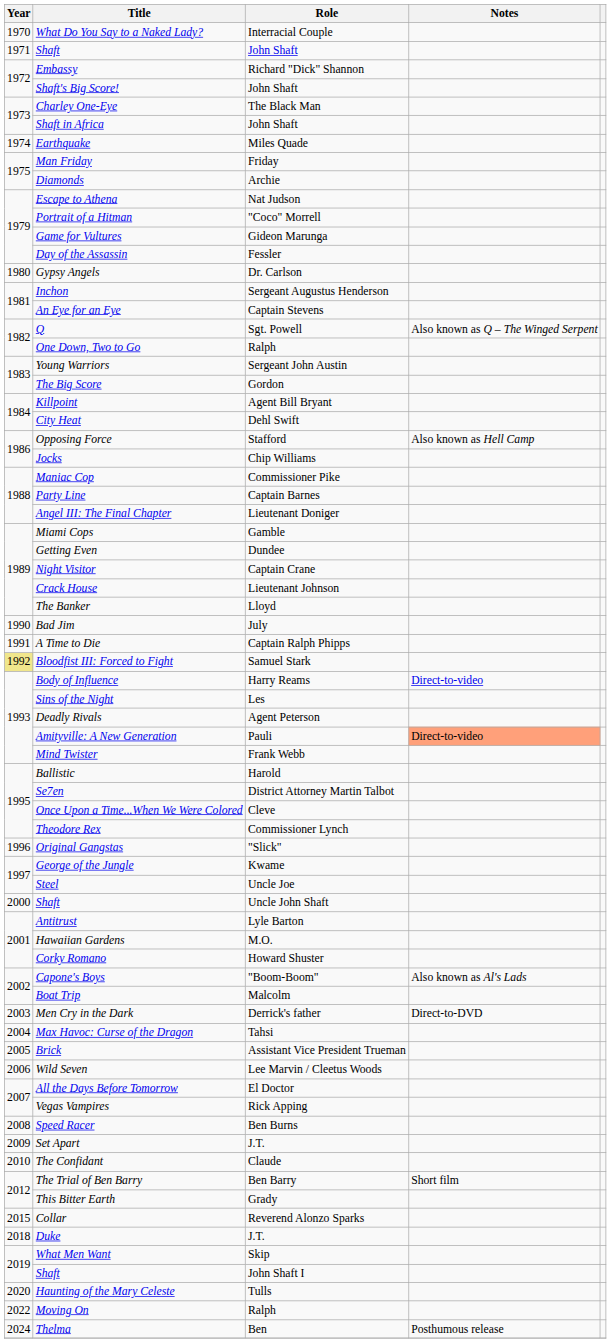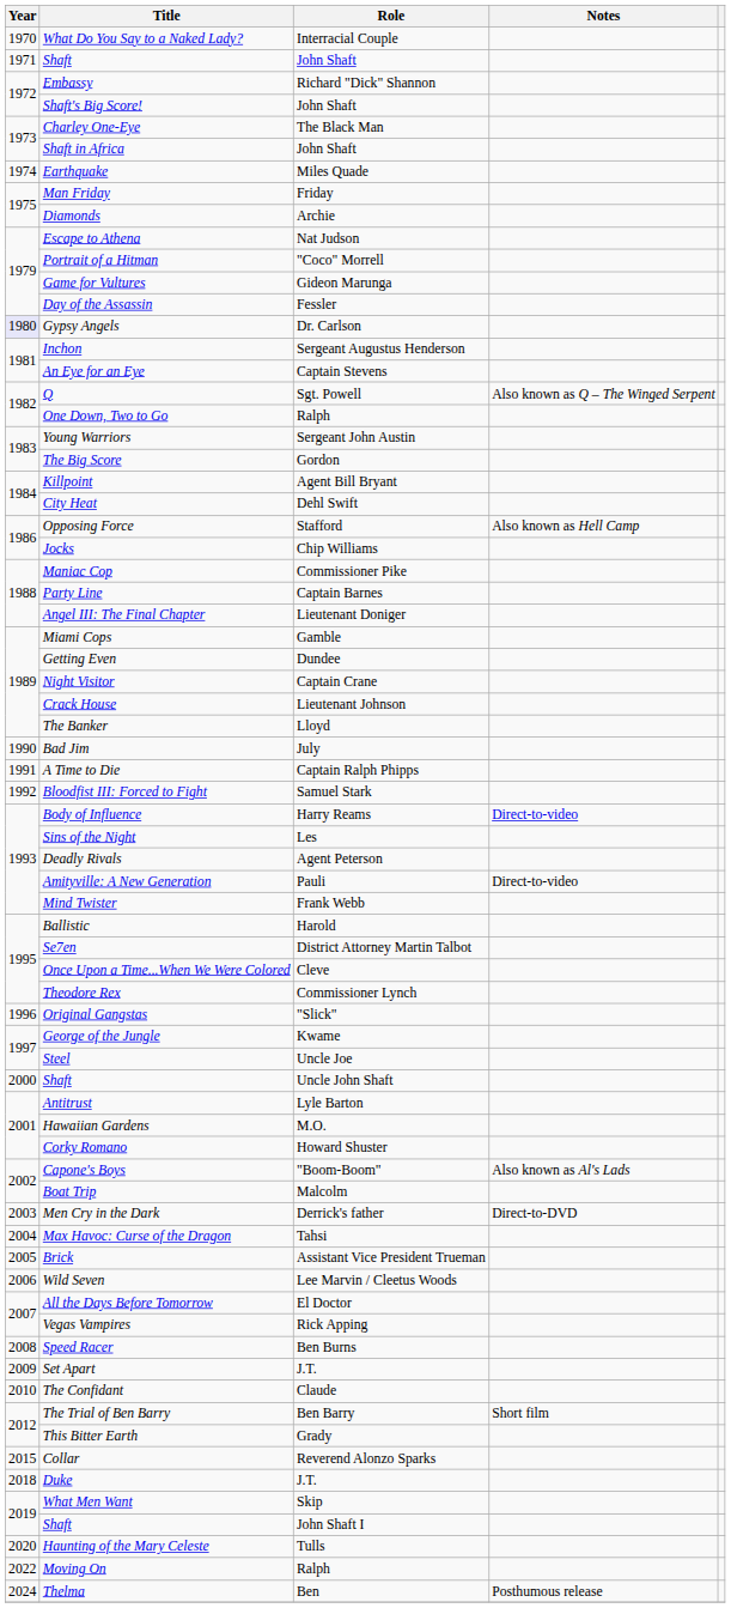 <table class="wikitable sortable">
 <tr>
 <th>Year</th>
 <th>Title</th>
 <th>Role</th>
 <th class=unsortable>Notes</th>
 <th class=unsortable></th>
 </tr>
 <tr>
 <td>1970</td>
 <td><em><a href='#'>What Do You Say to a Naked Lady?</a></em></td>
 <td>Interracial Couple</td>
 <td></td>
 <td></td>
 </tr>
 <tr>
 <td>1971</td>
 <td><em><a href='#'>Shaft</a></em></td>
 <td><a href='#'>John Shaft</a></td>
 <td></td>
 <td></td>
 </tr>
 <tr>
 <td rowspan="2">1972</td>
 <td><em><a href='#'>Embassy</a></em></td>
 <td>Richard "Dick" Shannon</td>
 <td></td>
 <td></td>
 </tr>
 <tr>
 <td><em><a href='#'>Shaft's Big Score!</a></em></td>
 <td>John Shaft</td>
 <td></td>
 <td></td>
 </tr>
 <tr>
 <td rowspan="2">1973</td>
 <td><em><a href='#'>Charley One-Eye</a></em></td>
 <td>The Black Man</td>
 <td></td>
 <td></td>
 </tr>
 <tr>
 <td><em><a href='#'>Shaft in Africa</a></em></td>
 <td>John Shaft</td>
 <td></td>
 <td></td>
 </tr>
 <tr>
 <td>1974</td>
 <td><em><a href='#'>Earthquake</a></em></td>
 <td>Miles Quade</td>
 <td></td>
 <td></td>
 </tr>
 <tr>
 <td rowspan="2">1975</td>
 <td><em><a href='#'>Man Friday</a></em></td>
 <td>Friday</td>
 <td></td>
 <td></td>
 </tr>
 <tr>
 <td><em><a href='#'>Diamonds</a></em></td>
 <td>Archie</td>
 <td></td>
 <td></td>
 </tr>
 <tr>
 <td rowspan="4">1979</td>
 <td><em><a href='#'>Escape to Athena</a></em></td>
 <td>Nat Judson</td>
 <td></td>
 <td></td>
 </tr>
 <tr>
 <td><em><a href='#'>Portrait of a Hitman</a></em></td>
 <td>"Coco" Morrell</td>
 <td></td>
 <td></td>
 </tr>
 <tr>
 <td><em><a href='#'>Game for Vultures</a></em></td>
 <td>Gideon Marunga</td>
 <td></td>
 <td></td>
 </tr>
 <tr>
 <td><em><a href='#'>Day of the Assassin</a></em></td>
 <td>Fessler</td>
 <td></td>
 <td></td>
 </tr>
 <tr>
-<td>1980</td>
+<td style="background: lavender;">1980</td>
 <td><em>Gypsy Angels</em></td>
 <td>Dr. Carlson</td>
 <td></td>
 <td></td>
 </tr>
 <tr>
 <td rowspan="2">1981</td>
 <td><em><a href='#'>Inchon</a></em></td>
 <td>Sergeant Augustus Henderson</td>
 <td></td>
 <td></td>
 </tr>
 <tr>
 <td><em><a href='#'>An Eye for an Eye</a></em></td>
 <td>Captain Stevens</td>
 <td></td>
 <td></td>
 </tr>
 <tr>
 <td rowspan="2">1982</td>
 <td><em><a href='#'>Q</a></em></td>
 <td>Sgt. Powell</td>
 <td>Also known as <em>Q – The Winged Serpent</em></td>
 <td></td>
 </tr>
 <tr>
 <td><em><a href='#'>One Down, Two to Go</a></em></td>
 <td>Ralph</td>
 <td></td>
 <td></td>
 </tr>
 <tr>
 <td rowspan="2">1983</td>
 <td><em>Young Warriors</em></td>
 <td>Sergeant John Austin</td>
 <td></td>
 <td></td>
 </tr>
 <tr>
 <td><em><a href='#'>The Big Score</a></em></td>
 <td>Gordon</td>
 <td></td>
 <td></td>
 </tr>
 <tr>
 <td rowspan="2">1984</td>
 <td><em><a href='#'>Killpoint</a></em></td>
 <td>Agent Bill Bryant</td>
 <td></td>
 <td></td>
 </tr>
 <tr>
 <td><em><a href='#'>City Heat</a></em></td>
 <td>Dehl Swift</td>
 <td></td>
 <td></td>
 </tr>
 <tr>
 <td rowspan="2">1986</td>
 <td><em>Opposing Force</em></td>
 <td>Stafford</td>
 <td>Also known as <em>Hell Camp</em></td>
 <td></td>
 </tr>
 <tr>
 <td><em><a href='#'>Jocks</a></em></td>
 <td>Chip Williams</td>
 <td></td>
 <td></td>
 </tr>
 <tr>
 <td rowspan="3">1988</td>
 <td><em><a href='#'>Maniac Cop</a></em></td>
 <td>Commissioner Pike</td>
 <td></td>
 <td></td>
 </tr>
 <tr>
 <td><em><a href='#'>Party Line</a></em></td>
 <td>Captain Barnes</td>
 <td></td>
 <td></td>
 </tr>
 <tr>
 <td><em><a href='#'>Angel III: The Final Chapter</a></em></td>
 <td>Lieutenant Doniger</td>
 <td></td>
 <td></td>
 </tr>
 <tr>
 <td rowspan="5">1989</td>
 <td><em>Miami Cops</em></td>
 <td>Gamble</td>
 <td></td>
 <td></td>
 </tr>
 <tr>
 <td><em>Getting Even</em></td>
 <td>Dundee</td>
 <td></td>
 <td></td>
 </tr>
 <tr>
 <td><em><a href='#'>Night Visitor</a></em></td>
 <td>Captain Crane</td>
 <td></td>
 <td></td>
 </tr>
 <tr>
 <td><em><a href='#'>Crack House</a></em></td>
 <td>Lieutenant Johnson</td>
 <td></td>
 <td></td>
 </tr>
 <tr>
 <td><em>The Banker</em></td>
 <td>Lloyd</td>
 <td></td>
 <td></td>
 </tr>
 <tr>
 <td>1990</td>
 <td><em>Bad Jim</em></td>
 <td>July</td>
 <td></td>
 <td></td>
 </tr>
 <tr>
 <td>1991</td>
 <td><em>A Time to Die</em></td>
 <td>Captain Ralph Phipps</td>
 <td></td>
 <td></td>
 </tr>
 <tr>
-<td style="background: khaki;">1992</td>
+<td>1992</td>
 <td><em><a href='#'>Bloodfist III: Forced to Fight</a></em></td>
 <td>Samuel Stark</td>
 <td></td>
 <td></td>
 </tr>
 <tr>
 <td rowspan="5">1993</td>
 <td><em><a href='#'>Body of Influence</a></em></td>
 <td>Harry Reams</td>
 <td><a href='#'>Direct-to-video</a></td>
 <td></td>
 </tr>
 <tr>
 <td><em><a href='#'>Sins of the Night</a></em></td>
 <td>Les</td>
 <td></td>
 <td></td>
 </tr>
 <tr>
 <td><em>Deadly Rivals</em></td>
 <td>Agent Peterson</td>
 <td></td>
 <td></td>
 </tr>
 <tr>
 <td><em><a href='#'>Amityville: A New Generation</a></em></td>
 <td>Pauli</td>
-<td style="background: lightsalmon;">Direct-to-video</td>
+<td>Direct-to-video</td>
 <td></td>
 </tr>
 <tr>
 <td><em><a href='#'>Mind Twister</a></em></td>
 <td>Frank Webb</td>
 <td></td>
 <td></td>
 </tr>
 <tr>
 <td rowspan="4">1995</td>
 <td><em>Ballistic</em></td>
 <td>Harold</td>
 <td></td>
 <td></td>
 </tr>
 <tr>
 <td><em><a href='#'>Se7en</a></em></td>
 <td>District Attorney Martin Talbot</td>
 <td></td>
 <td></td>
 </tr>
 <tr>
 <td><em><a href='#'>Once Upon a Time...When We Were Colored</a></em></td>
 <td>Cleve</td>
 <td></td>
 <td></td>
 </tr>
 <tr>
 <td><em><a href='#'>Theodore Rex</a></em></td>
 <td>Commissioner Lynch</td>
 <td></td>
 <td></td>
 </tr>
 <tr>
 <td>1996</td>
 <td><em><a href='#'>Original Gangstas</a></em></td>
 <td>"Slick"</td>
 <td></td>
 <td></td>
 </tr>
 <tr>
 <td rowspan="2">1997</td>
 <td><em><a href='#'>George of the Jungle</a></em></td>
 <td>Kwame</td>
 <td></td>
 <td></td>
 </tr>
 <tr>
 <td><em><a href='#'>Steel</a></em></td>
 <td>Uncle Joe</td>
 <td></td>
 <td></td>
 </tr>
 <tr>
 <td>2000</td>
 <td><em><a href='#'>Shaft</a></em></td>
 <td>Uncle John Shaft</td>
 <td></td>
 <td></td>
 </tr>
 <tr>
 <td rowspan="3">2001</td>
 <td><em><a href='#'>Antitrust</a></em></td>
 <td>Lyle Barton</td>
 <td></td>
 <td></td>
 </tr>
 <tr>
 <td><em>Hawaiian Gardens</em></td>
 <td>M.O.</td>
 <td></td>
 <td></td>
 </tr>
 <tr>
 <td><em><a href='#'>Corky Romano</a></em></td>
 <td>Howard Shuster</td>
 <td></td>
 <td></td>
 </tr>
 <tr>
 <td rowspan="2">2002</td>
 <td><em><a href='#'>Capone's Boys</a></em></td>
 <td>"Boom-Boom"</td>
 <td>Also known as <em>Al's Lads</em></td>
 <td></td>
 </tr>
 <tr>
 <td><em><a href='#'>Boat Trip</a></em></td>
 <td>Malcolm</td>
 <td></td>
 <td></td>
 </tr>
 <tr>
 <td>2003</td>
 <td><em>Men Cry in the Dark</em></td>
 <td>Derrick's father</td>
 <td>Direct-to-DVD</td>
 <td></td>
 </tr>
 <tr>
 <td>2004</td>
 <td><em><a href='#'>Max Havoc: Curse of the Dragon</a></em></td>
 <td>Tahsi</td>
 <td></td>
 <td></td>
 </tr>
 <tr>
 <td>2005</td>
 <td><em><a href='#'>Brick</a></em></td>
 <td>Assistant Vice President Trueman</td>
 <td></td>
 <td></td>
 </tr>
 <tr>
 <td>2006</td>
 <td><em>Wild Seven</em></td>
 <td>Lee Marvin / Cleetus Woods</td>
 <td></td>
 <td></td>
 </tr>
 <tr>
 <td rowspan="2">2007</td>
 <td><em><a href='#'>All the Days Before Tomorrow</a></em></td>
 <td>El Doctor</td>
 <td></td>
 <td></td>
 </tr>
 <tr>
 <td><em>Vegas Vampires</em></td>
 <td>Rick Apping</td>
 <td></td>
 <td></td>
 </tr>
 <tr>
 <td>2008</td>
 <td><em><a href='#'>Speed Racer</a></em></td>
 <td>Ben Burns</td>
 <td></td>
 <td></td>
 </tr>
 <tr>
 <td>2009</td>
 <td><em>Set Apart</em></td>
 <td>J.T.</td>
 <td></td>
 <td></td>
 </tr>
 <tr>
 <td>2010</td>
 <td><em>The Confidant</em></td>
 <td>Claude</td>
 <td></td>
 <td></td>
 </tr>
 <tr>
 <td rowspan="2">2012</td>
 <td><em>The Trial of Ben Barry</em></td>
 <td>Ben Barry</td>
 <td>Short film</td>
 <td></td>
 </tr>
 <tr>
 <td><em>This Bitter Earth</em></td>
 <td>Grady</td>
 <td></td>
 <td></td>
 </tr>
 <tr>
 <td>2015</td>
 <td><em>Collar</em></td>
 <td>Reverend Alonzo Sparks</td>
 <td></td>
 <td></td>
 </tr>
 <tr>
 <td>2018</td>
 <td><em><a href='#'>Duke</a></em></td>
 <td>J.T.</td>
 <td></td>
 <td></td>
 </tr>
 <tr>
 <td rowspan="2">2019</td>
 <td><em><a href='#'>What Men Want</a></em></td>
 <td>Skip</td>
 <td></td>
 <td></td>
 </tr>
 <tr>
 <td><em><a href='#'>Shaft</a></em></td>
 <td>John Shaft I</td>
 <td></td>
 <td></td>
 </tr>
 <tr>
 <td>2020</td>
 <td><em><a href='#'>Haunting of the Mary Celeste</a></em></td>
 <td>Tulls</td>
 <td></td>
 <td></td>
 </tr>
 <tr>
 <td>2022</td>
 <td><em><a href='#'>Moving On</a></em></td>
 <td>Ralph</td>
 <td></td>
 <td></td>
 </tr>
 <tr>
 <td>2024</td>
 <td><em><a href='#'>Thelma</a></em></td>
 <td>Ben</td>
 <td>Posthumous release</td>
 <td></td>
 </tr>
 <tr>
 </tr>
 </table>
